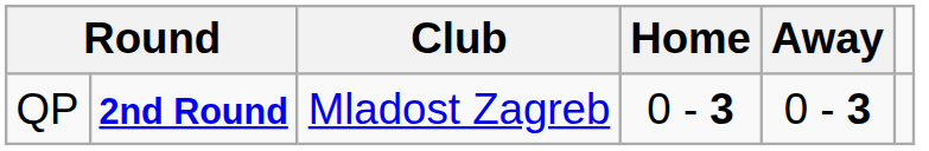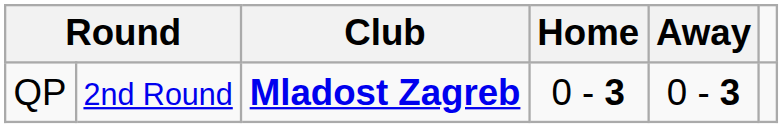 <table class="wikitable">
 <tr>
 <th colspan="2">Round</th>
 <th>Club</th>
 <th>Home</th>
 <th>Away</th>
 </tr>
 <tr>
 <td>QP</td>
-<td><strong><small><a href='#'>2nd Round</a></small></strong></td>
-<td> <a href='#'>Mladost Zagreb</a></td>
+<td><small><a href='#'>2nd Round</a></small></td>
+<td><strong> <a href='#'>Mladost Zagreb</a></strong></td>
 <td style="text-align:center;">0 - <strong>3</strong></td>
 <td style="text-align:center;">0 - <strong>3</strong></td>
 <td style="text-align:center;"></td>
 </tr>
 </table>
